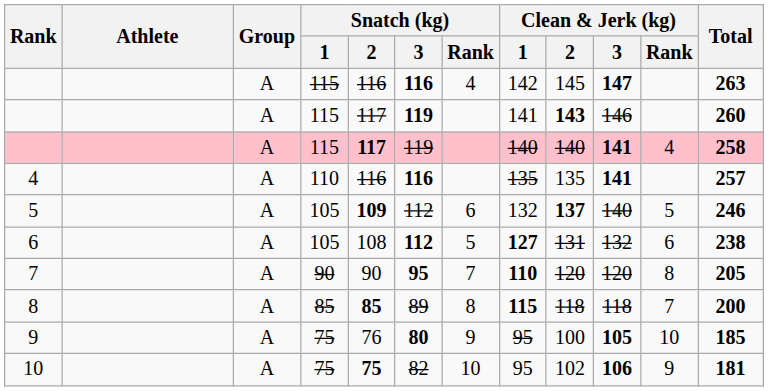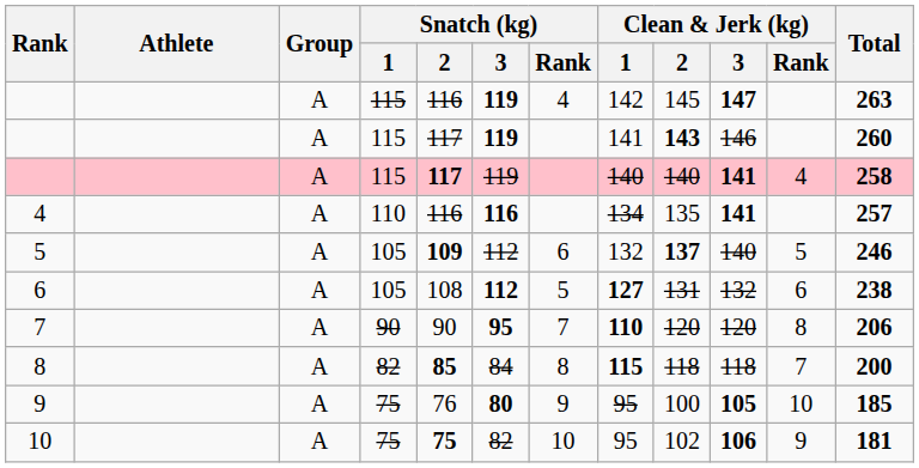 <table class = "wikitable" style="text-align:center;">
 <tr>
 <th rowspan=2 width=40>Rank</th>
 <th rowspan=2 width=250>Athlete</th>
 <th rowspan=2 width=50>Group</th>
 <th colspan=4>Snatch (kg)</th>
 <th colspan=4>Clean & Jerk (kg)</th>
 <th rowspan=2 width=60>Total</th>
 </tr>
 <tr>
 <th width=40>1</th>
 <th width=40>2</th>
 <th width=40>3</th>
 <th width=40>Rank</th>
 <th width=40>1</th>
 <th width=40>2</th>
 <th width=40>3</th>
 <th width=40>Rank</th>
 </tr>
 <tr>
 <td></td>
 <td align=left></td>
 <td>A</td>
 <td><s>115</s></td>
 <td><s>116</s></td>
-<td><strong>116</strong></td>
+<td><strong>119</strong></td>
 <td>4</td>
 <td>142</td>
 <td>145</td>
 <td><strong>147</strong></td>
 <td></td>
 <td><strong>263</strong></td>
 </tr>
 <tr>
 <td></td>
 <td align=left></td>
 <td>A</td>
 <td>115</td>
 <td><s>117</s></td>
 <td><strong>119</strong></td>
 <td></td>
 <td>141</td>
 <td><strong>143</strong></td>
 <td><s>146</s></td>
 <td></td>
 <td><strong>260</strong></td>
 </tr>
 <tr bgcolor=pink>
 <td></td>
 <td align=left></td>
 <td>A</td>
 <td>115</td>
 <td><strong>117</strong></td>
 <td><s>119</s></td>
 <td></td>
 <td><s>140</s></td>
 <td><s>140</s></td>
 <td><strong>141</strong></td>
 <td>4</td>
 <td><strong>258</strong></td>
 </tr>
 <tr>
 <td>4</td>
 <td align=left></td>
 <td>A</td>
 <td>110</td>
 <td><s>116</s></td>
 <td><strong>116</strong></td>
 <td></td>
-<td><s>135</s></td>
+<td><s>134</s></td>
 <td>135</td>
 <td><strong>141</strong></td>
 <td></td>
 <td><strong>257</strong></td>
 </tr>
 <tr>
 <td>5</td>
 <td align=left></td>
 <td>A</td>
 <td>105</td>
 <td><strong>109</strong></td>
 <td><s>112</s></td>
 <td>6</td>
 <td>132</td>
 <td><strong>137</strong></td>
 <td><s>140</s></td>
 <td>5</td>
 <td><strong>246</strong></td>
 </tr>
 <tr>
 <td>6</td>
 <td align=left></td>
 <td>A</td>
 <td>105</td>
 <td>108</td>
 <td><strong>112</strong></td>
 <td>5</td>
 <td><strong>127</strong></td>
 <td><s>131</s></td>
 <td><s>132</s></td>
 <td>6</td>
 <td><strong>238</strong></td>
 </tr>
 <tr>
 <td>7</td>
 <td align=left></td>
 <td>A</td>
 <td><s>90</s></td>
 <td>90</td>
 <td><strong>95</strong></td>
 <td>7</td>
 <td><strong>110</strong></td>
 <td><s>120</s></td>
 <td><s>120</s></td>
 <td>8</td>
-<td><strong>205</strong></td>
+<td><strong>206</strong></td>
 </tr>
 <tr>
 <td>8</td>
 <td align=left></td>
 <td>A</td>
-<td><s>85</s></td>
+<td><s>82</s></td>
 <td><strong>85</strong></td>
-<td><s>89</s></td>
+<td><s>84</s></td>
 <td>8</td>
 <td><strong>115</strong></td>
 <td><s>118</s></td>
 <td><s>118</s></td>
 <td>7</td>
 <td><strong>200</strong></td>
 </tr>
 <tr>
 <td>9</td>
 <td align=left></td>
 <td>A</td>
 <td><s>75</s></td>
 <td>76</td>
 <td><strong>80</strong></td>
 <td>9</td>
 <td><s>95</s></td>
 <td>100</td>
 <td><strong>105</strong></td>
 <td>10</td>
 <td><strong>185</strong></td>
 </tr>
 <tr>
 <td>10</td>
 <td align=left></td>
 <td>A</td>
 <td><s>75</s></td>
 <td><strong>75</strong></td>
 <td><s>82</s></td>
 <td>10</td>
 <td>95</td>
 <td>102</td>
 <td><strong>106</strong></td>
 <td>9</td>
 <td><strong>181</strong></td>
 </tr>
 </table>
